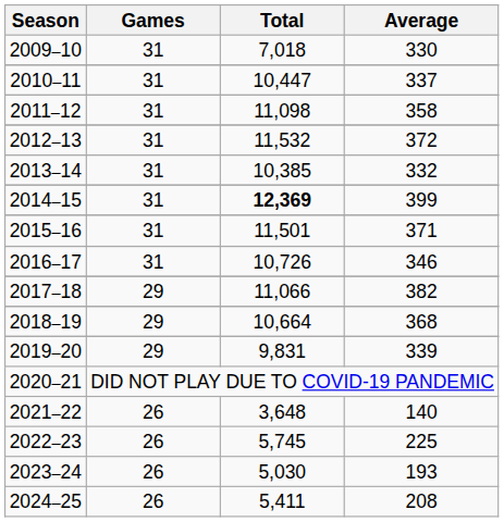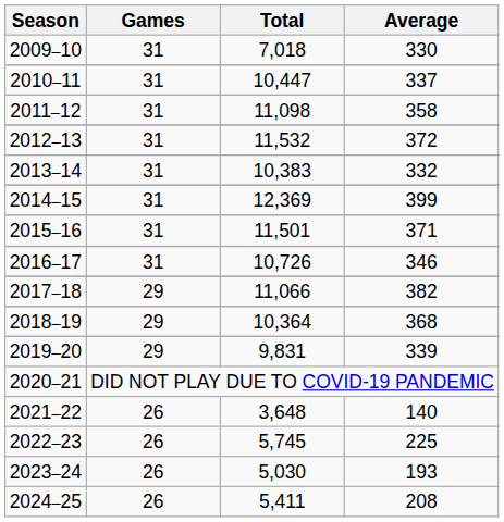 <table class="wikitable" border="1" style="text-align:center; font-size:95%">
 <tr>
 <th rowspan="1">Season</th>
 <th rowspan="1">Games</th>
 <th rowspan="1">Total</th>
 <th rowspan="1">Average</th>
 </tr>
 <tr style="text-align:center">
 <td>2009<small>–</small>10</td>
 <td>31</td>
 <td>7,018</td>
 <td>330</td>
 </tr>
 <tr>
 </tr>
 <tr style="text-align:center">
 <td>2010<small>–</small>11</td>
 <td>31</td>
 <td>10,447</td>
 <td>337</td>
 </tr>
 <tr>
 </tr>
 <tr style="text-align:center">
 <td>2011<small>–</small>12</td>
 <td>31</td>
 <td>11,098</td>
 <td>358</td>
 </tr>
 <tr>
 </tr>
 <tr style="text-align:center">
 <td>2012<small>–</small>13</td>
 <td>31</td>
 <td>11,532</td>
 <td>372</td>
 </tr>
 <tr>
 </tr>
 <tr style="text-align:center">
 <td>2013<small>–</small>14</td>
 <td>31</td>
-<td>10,385</td>
+<td>10,383</td>
 <td>332</td>
 </tr>
 <tr>
 </tr>
 <tr style="text-align:center">
 <td>2014<small>–</small>15</td>
 <td>31</td>
-<td><strong>12,369</strong></td>
+<td>12,369</td>
 <td>399</td>
 </tr>
 <tr>
 </tr>
 <tr style="text-align:center">
 <td>2015<small>–</small>16</td>
 <td>31</td>
 <td>11,501</td>
 <td>371</td>
 </tr>
 <tr>
 </tr>
 <tr style="text-align:center">
 <td>2016<small>–</small>17</td>
 <td>31</td>
 <td>10,726</td>
 <td>346</td>
 </tr>
 <tr>
 </tr>
 <tr style="text-align:center">
 <td>2017<small>–</small>18</td>
 <td>29</td>
 <td>11,066</td>
 <td>382</td>
 </tr>
 <tr>
 </tr>
 <tr style="”text-align:center”">
 <td>2018<small>–</small>19</td>
 <td>29</td>
-<td>10,664</td>
+<td>10,364</td>
 <td>368</td>
 </tr>
 <tr>
 </tr>
 <tr style="“text-align:center”">
 <td>2019<small>–</small>20</td>
 <td>29</td>
 <td>9,831</td>
 <td>339</td>
 </tr>
 <tr>
 <td>2020<small>–</small>21</td>
 <td colspan="3">DID NOT PLAY DUE TO <a href='#'>COVID-19 PANDEMIC</a></td>
 </tr>
 <tr>
 <td>2021<small>–</small>22</td>
 <td>26</td>
 <td>3,648</td>
 <td>140</td>
 </tr>
 <tr>
 <td>2022<small>–</small>23</td>
 <td>26</td>
 <td>5,745</td>
 <td>225</td>
 </tr>
 <tr>
 <td>2023<small>–</small>24</td>
 <td>26</td>
 <td>5,030</td>
 <td>193</td>
 </tr>
 <tr>
 <td>2024<small>–</small>25</td>
 <td>26</td>
 <td>5,411</td>
 <td>208</td>
 </tr>
 </table>
